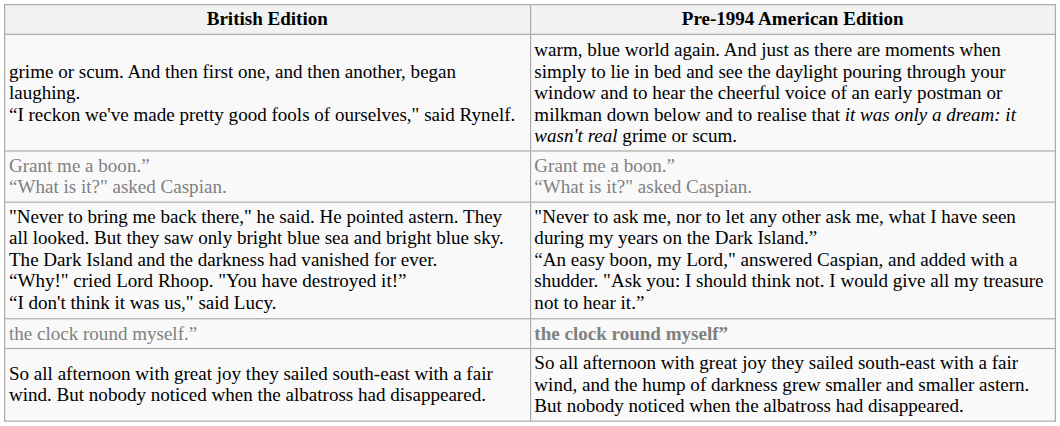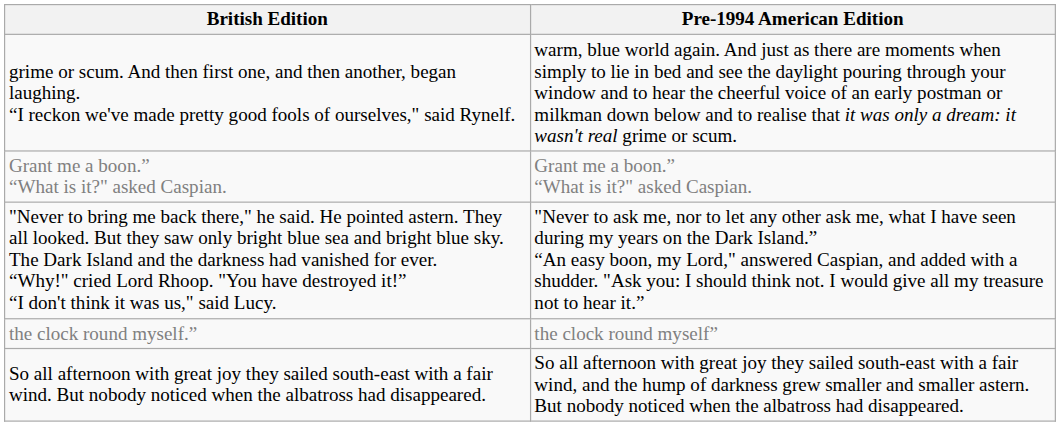 <table class="wikitable" style="margin:auto;">
 <tr>
 <th style="width:50%; vertical-align:top;">British Edition</th>
 <th style="width:50%; vertical-align:top;">Pre-1994 American Edition</th>
 </tr>
 <tr>
 <td> grime or scum. And then first one, and then another, began laughing.<br>“I reckon we've made pretty good fools of ourselves," said Rynelf.</td>
 <td> warm, blue world again. And just as there are moments when simply to lie in bed and see the daylight pouring through your window and to hear the cheerful voice of an early postman or milkman down below and to realise that <em>it was only a dream: it wasn't real</em> grime or scum.</td>
 </tr>
 <tr style="color:gray">
 <td> Grant me a boon.”<br>“What is it?" asked Caspian.</td>
 <td> Grant me a boon.”<br>“What is it?" asked Caspian.</td>
 </tr>
 <tr>
 <td>"Never to bring me back there," he said. He pointed astern. They all looked. But they saw only bright blue sea and bright blue sky. The Dark Island and the darkness had vanished for ever.<br>“Why!" cried Lord Rhoop. "You have destroyed it!”<br>“I don't think it was us," said Lucy.</td>
 <td>"Never to ask me, nor to let any other ask me, what I have seen during my years on the Dark Island.”<br>“An easy boon, my Lord," answered Caspian, and added with a shudder. "Ask you: I should think not. I would give all my treasure not to hear it.”</td>
 </tr>
 <tr style="color:gray">
 <td> the clock round myself.”</td>
-<td><strong> the clock round myself”</strong></td>
+<td> the clock round myself”</td>
 </tr>
 <tr>
 <td>So all afternoon with great joy they sailed south-east with a fair wind. But nobody noticed when the albatross had disappeared.</td>
 <td>So all afternoon with great joy they sailed south-east with a fair wind, and the hump of darkness grew smaller and smaller astern. But nobody noticed when the albatross had disappeared.</td>
 </tr>
 </table>
